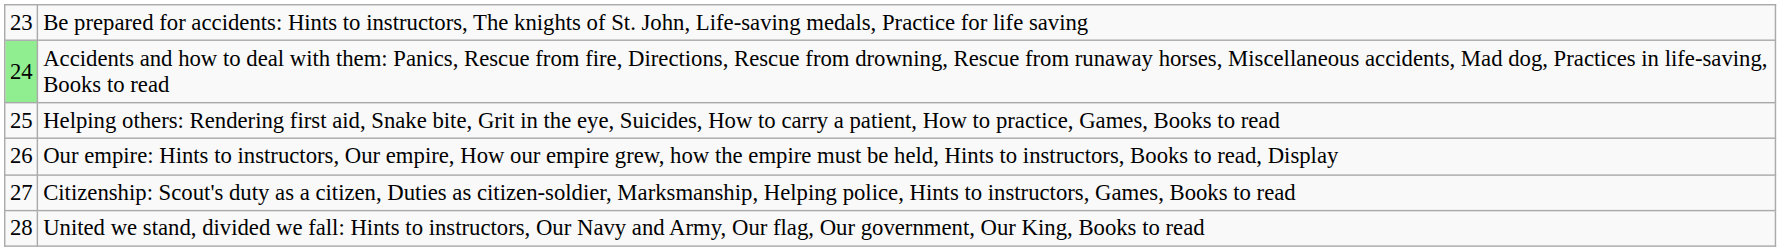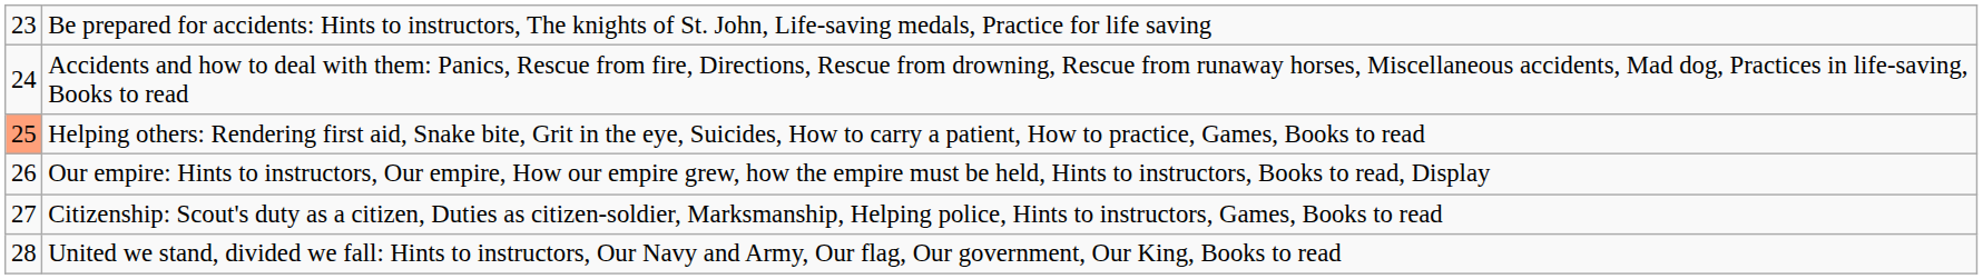 <table class=wikitable>
 <tr>
 <td>23</td>
 <td>Be prepared for accidents: Hints to instructors, The knights of St. John, Life-saving medals, Practice for life saving</td>
 </tr>
 <tr>
-<td style="background: lightgreen;">24</td>
+<td>24</td>
 <td>Accidents and how to deal with them: Panics, Rescue from fire, Directions, Rescue from drowning, Rescue from runaway horses, Miscellaneous accidents, Mad dog, Practices in life-saving, Books to read</td>
 </tr>
 <tr>
-<td>25</td>
+<td style="background: lightsalmon;">25</td>
 <td>Helping others: Rendering first aid, Snake bite, Grit in the eye, Suicides, How to carry a patient, How to practice, Games, Books to read</td>
 </tr>
 <tr>
 <td>26</td>
 <td>Our empire: Hints to instructors, Our empire, How our empire grew, how the empire must be held, Hints to instructors, Books to read, Display</td>
 </tr>
 <tr>
 <td>27</td>
 <td>Citizenship: Scout's duty as a citizen, Duties as citizen-soldier, Marksmanship, Helping police, Hints to instructors, Games, Books to read</td>
 </tr>
 <tr>
 <td>28</td>
 <td>United we stand, divided we fall: Hints to instructors, Our Navy and Army, Our flag, Our government, Our King, Books to read</td>
 </tr>
 </table>
